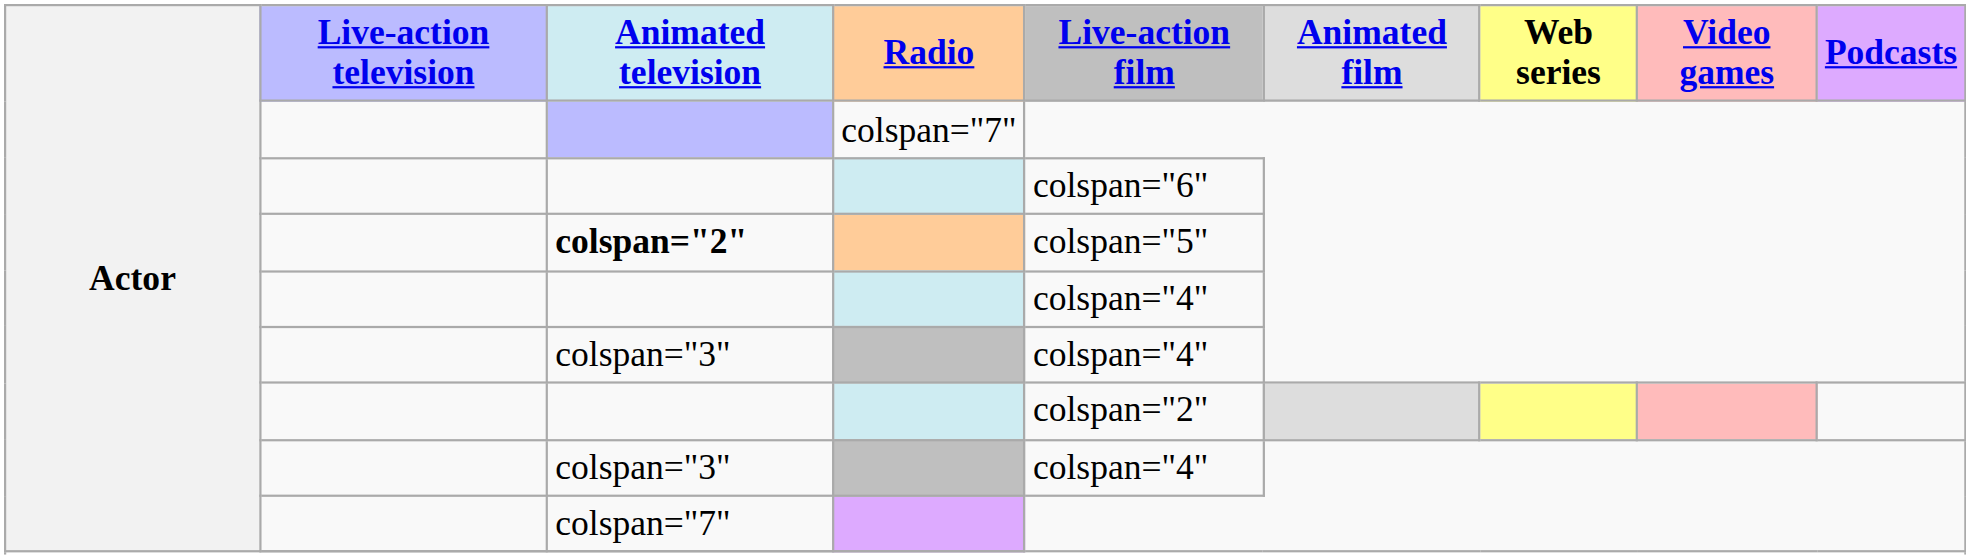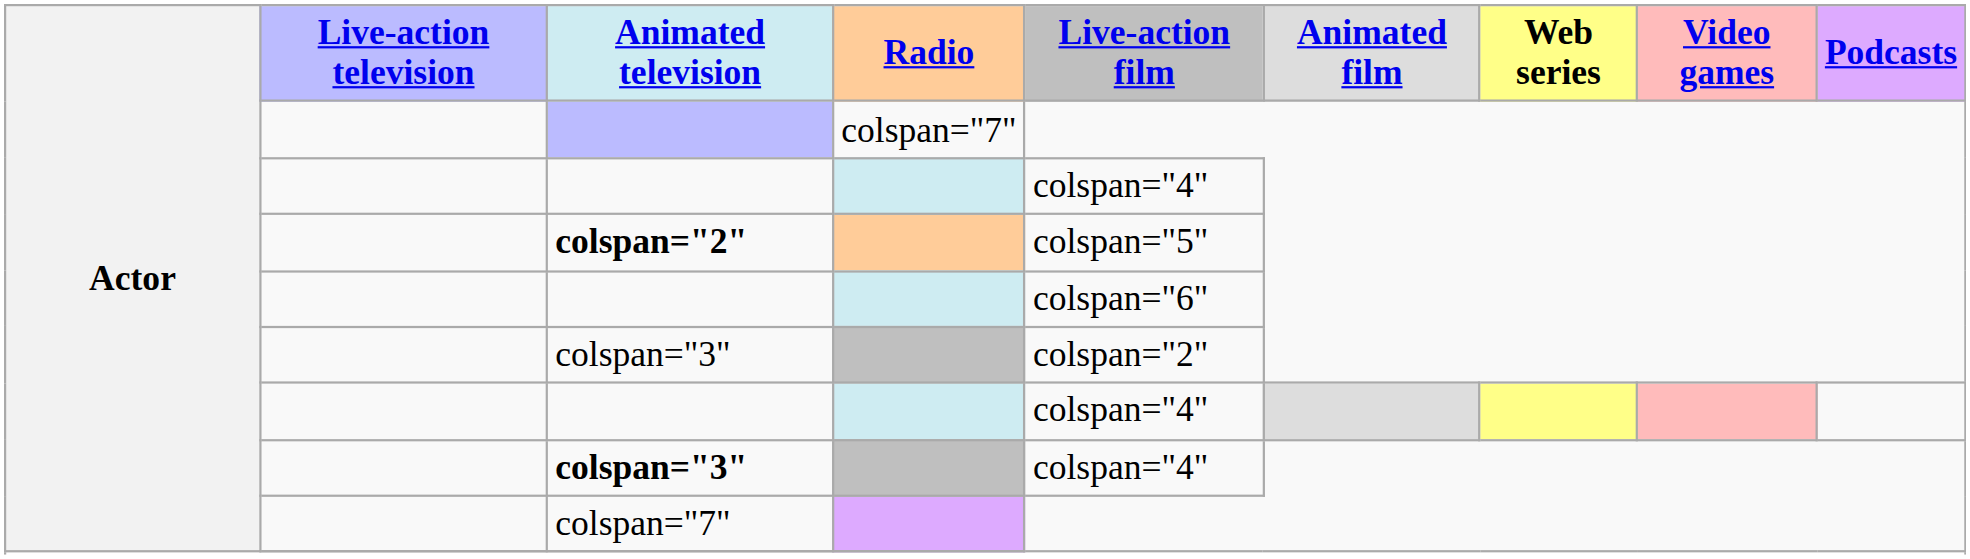 <table class="wikitable sortable" width="100%">
 <tr>
 <th rowspan="30" width="13%" scope="col">Actor</th>
 <th style="background:#bbf;"><a href='#'>Live-action television</a></th>
 <th style="background:#CEECF2;"><a href='#'>Animated television</a></th>
 <th style="background:#fc9;"><a href='#'>Radio</a></th>
 <th style="background:#BFBFBF;"><a href='#'>Live-action film</a></th>
 <th style="background:#ddd;"><a href='#'>Animated film</a></th>
 <th style="background:#ff8;">Web series</th>
 <th style="background:#fbb;"><a href='#'>Video games</a></th>
 <th style="background:#daf;"><a href='#'>Podcasts</a></th>
 </tr>
 <tr>
 <td data-sort-value="Craig, Yvonne"></td>
 <td style="background:#bbf;"></td>
 <td>colspan="7" </td>
 </tr>
 <tr>
 <td data-sort-value="Webb, Jane"></td>
 <td></td>
 <td style="background:#CEECF2;"></td>
-<td>colspan="6" </td>
+<td>colspan="4" </td>
 </tr>
 <tr>
 <td data-sort-value="Thompson, Shelley"></td>
 <td><strong>colspan="2" </strong></td>
 <td style="background:#fc9;"></td>
 <td>colspan="5" </td>
 </tr>
 <tr>
 <td data-sort-value="Gilbert, Melissa"></td>
 <td></td>
 <td style="background:#CEECF2;"></td>
-<td>colspan="4" </td>
+<td>colspan="6" </td>
 </tr>
 <tr>
 <td data-sort-value="Silverstone, Alicia"></td>
 <td>colspan="3" </td>
 <td style="background:#BFBFBF;"></td>
-<td>colspan="4" </td>
+<td>colspan="2" </td>
 </tr>
 <tr>
 <td data-sort-value="Strong, Tara"></td>
 <td></td>
 <td style="background:#CEECF2;"></td>
-<td>colspan="2" </td>
+<td>colspan="4" </td>
 <td style="background:#ddd;"></td>
 <td style="background:#ff8;"></td>
 <td style="background:#fbb;"></td>
 <td></td>
 </tr>
 <tr>
 <td data-sort-value="Gunn, Hannah"></td>
-<td>colspan="3" </td>
+<td><strong>colspan="3" </strong></td>
 <td style="background:#BFBFBF;"></td>
 <td>colspan="4" </td>
 </tr>
 <tr>
 <td data-sort-value="Rodriguez, Gina"></td>
 <td>colspan="7" </td>
 <td style="background:#daf;"></td>
 </tr>
 <tr>
 </tr>
 </table>
